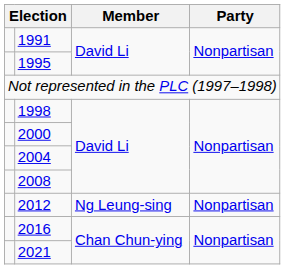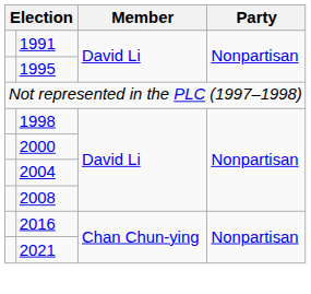 <table class="wikitable">
 <tr>
 <th colspan="2">Election</th>
 <th>Member</th>
 <th>Party</th>
 </tr>
 <tr>
 <td style="background-color:"></td>
 <td><a href='#'>1991</a></td>
 <td rowspan=2><a href='#'>David Li</a></td>
 <td rowspan=2><a href='#'>Nonpartisan</a></td>
 </tr>
 <tr>
 <td style="background-color:"></td>
 <td><a href='#'>1995</a></td>
 </tr>
 <tr>
 <td colspan="4"><em>Not represented in the <a href='#'>PLC</a> (1997–1998)</em></td>
 </tr>
 <tr>
 <td style="background-color:"></td>
 <td><a href='#'>1998</a></td>
 <td rowspan=4><a href='#'>David Li</a></td>
 <td rowspan=4><a href='#'>Nonpartisan</a></td>
 </tr>
 <tr>
 <td style="background-color:"></td>
 <td><a href='#'>2000</a></td>
 </tr>
 <tr>
 <td style="background-color:"></td>
 <td><a href='#'>2004</a></td>
 </tr>
 <tr>
 <td style="background-color:"></td>
 <td><a href='#'>2008</a></td>
 </tr>
 <tr>
 <td style="background-color:"></td>
-<td><a href='#'>2012</a></td>
-<td><a href='#'>Ng Leung-sing</a></td>
-<td><a href='#'>Nonpartisan</a></td>
-</tr>
-<tr>
-<td style="background-color:"></td>
 <td><a href='#'>2016</a></td>
 <td rowspan="2"><a href='#'>Chan Chun-ying</a></td>
 <td rowspan="2"><a href='#'>Nonpartisan</a></td>
 </tr>
 <tr>
 <td style="background-color:"></td>
 <td><a href='#'>2021</a></td>
 </tr>
 </table>
